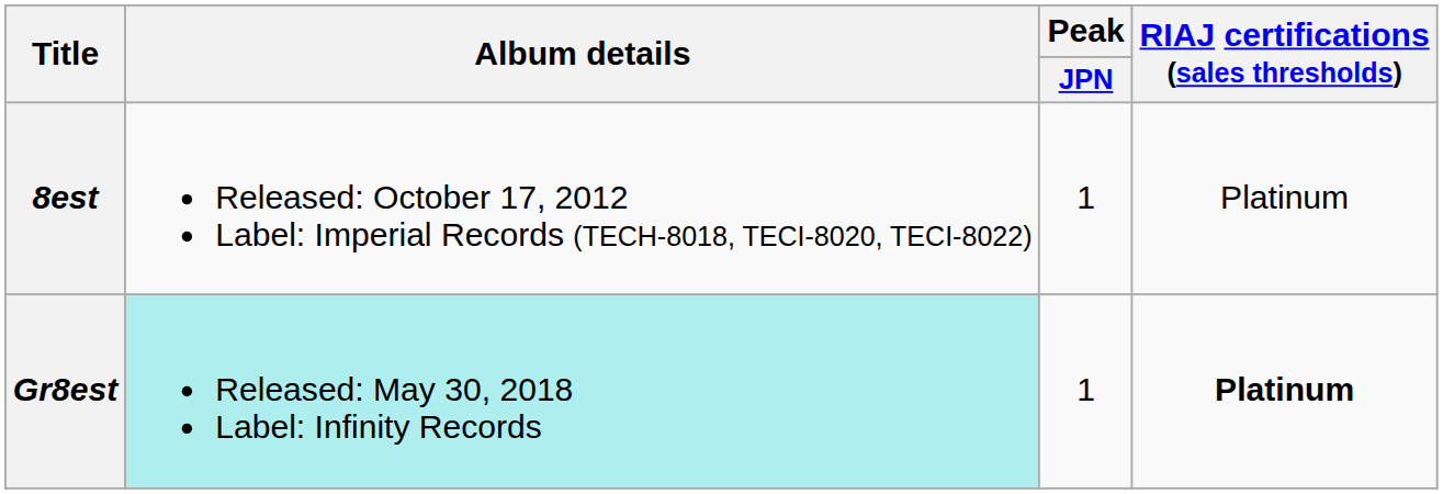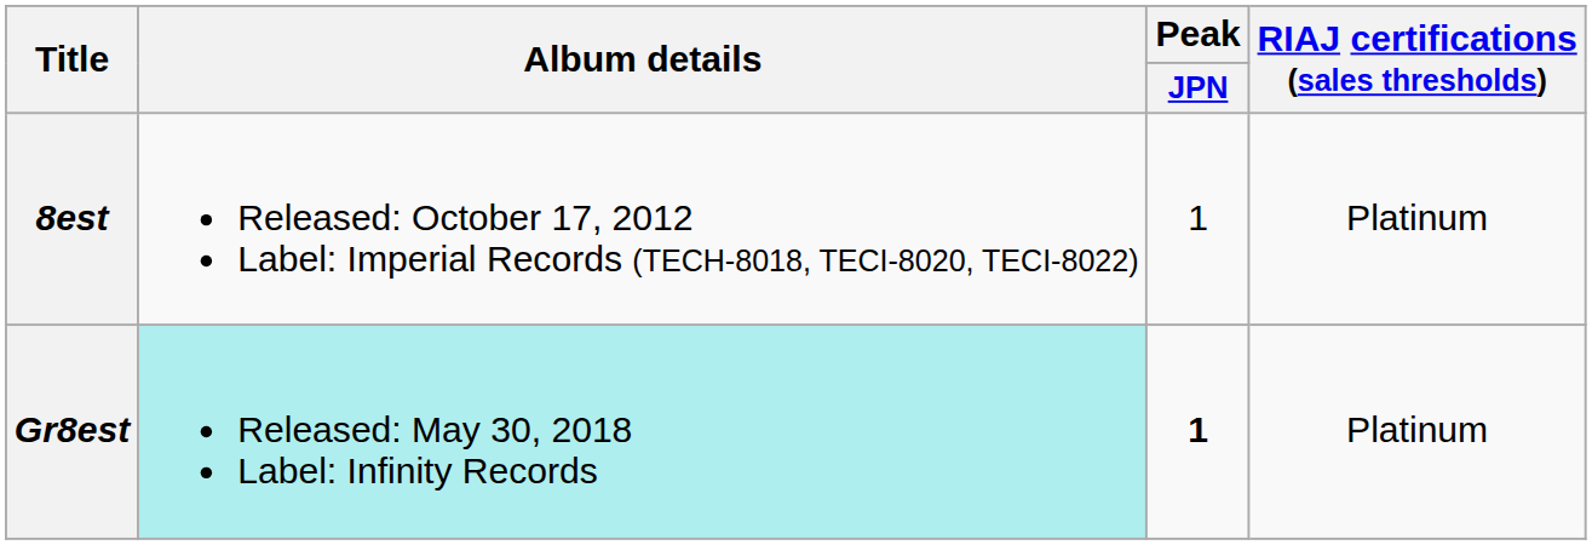 <table class="wikitable plainrowheaders">
 <tr>
 <th scope="col" rowspan="2">Title</th>
 <th scope="col" rowspan="2">Album details</th>
 <th scope="col" colspan="1">Peak</th>
 <th scope="col" rowspan="2"><a href='#'>RIAJ</a> <a href='#'>certifications</a><br><small>(<a href='#'>sales thresholds</a>)</small></th>
 </tr>
 <tr>
 <th style="width:2em;font-size:85%"><a href='#'>JPN</a><br></th>
 </tr>
 <tr>
 <th scope="row"><em>8est</em></th>
 <td><br><ul><li>Released: October 17, 2012</li><li>Label: Imperial Records <small>(TECH-8018, TECI-8020, TECI-8022)</small></li></ul></td>
 <td align="center">1</td>
 <td align="center">Platinum</td>
 </tr>
 <tr>
 <th scope="row"><em>Gr8est</em></th>
 <td style="background: paleturquoise;"><br><ul><li>Released: May 30, 2018</li><li>Label: Infinity Records</li></ul></td>
-<td align="center">1</td>
-<td align="center"><strong>Platinum</strong></td>
+<td align="center"><strong>1</strong></td>
+<td align="center">Platinum</td>
 </tr>
 </table>
